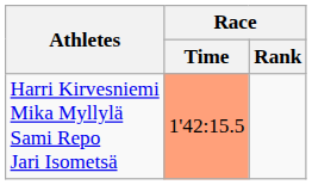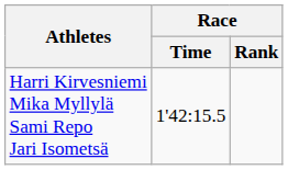 <table class="wikitable" style="font-size:90%">
 <tr>
 <th rowspan=2>Athletes</th>
 <th colspan=2>Race</th>
 </tr>
 <tr>
 <th>Time</th>
 <th>Rank</th>
 </tr>
 <tr>
 <td><a href='#'>Harri Kirvesniemi</a><br><a href='#'>Mika Myllylä</a><br><a href='#'>Sami Repo</a><br><a href='#'>Jari Isometsä</a></td>
-<td align=center style="background: lightsalmon;">1'42:15.5</td>
+<td align=center>1'42:15.5</td>
 <td align=center></td>
 </tr>
 </table>
